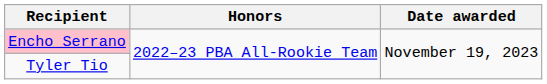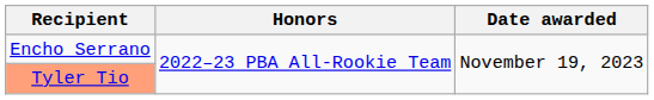 <table class="wikitable sortable sortable" style="text-align: center">
 <tr>
 <th>Recipient</th>
 <th>Honors</th>
 <th>Date awarded</th>
 </tr>
 <tr>
-<td style="background: pink;"><a href='#'>Encho Serrano</a></td>
+<td><a href='#'>Encho Serrano</a></td>
 <td rowspan=2><a href='#'>2022–23 PBA All-Rookie Team</a></td>
 <td rowspan=2>November 19, 2023</td>
 </tr>
 <tr>
-<td><a href='#'>Tyler Tio</a></td>
+<td style="background: lightsalmon;"><a href='#'>Tyler Tio</a></td>
 </tr>
 </table>
